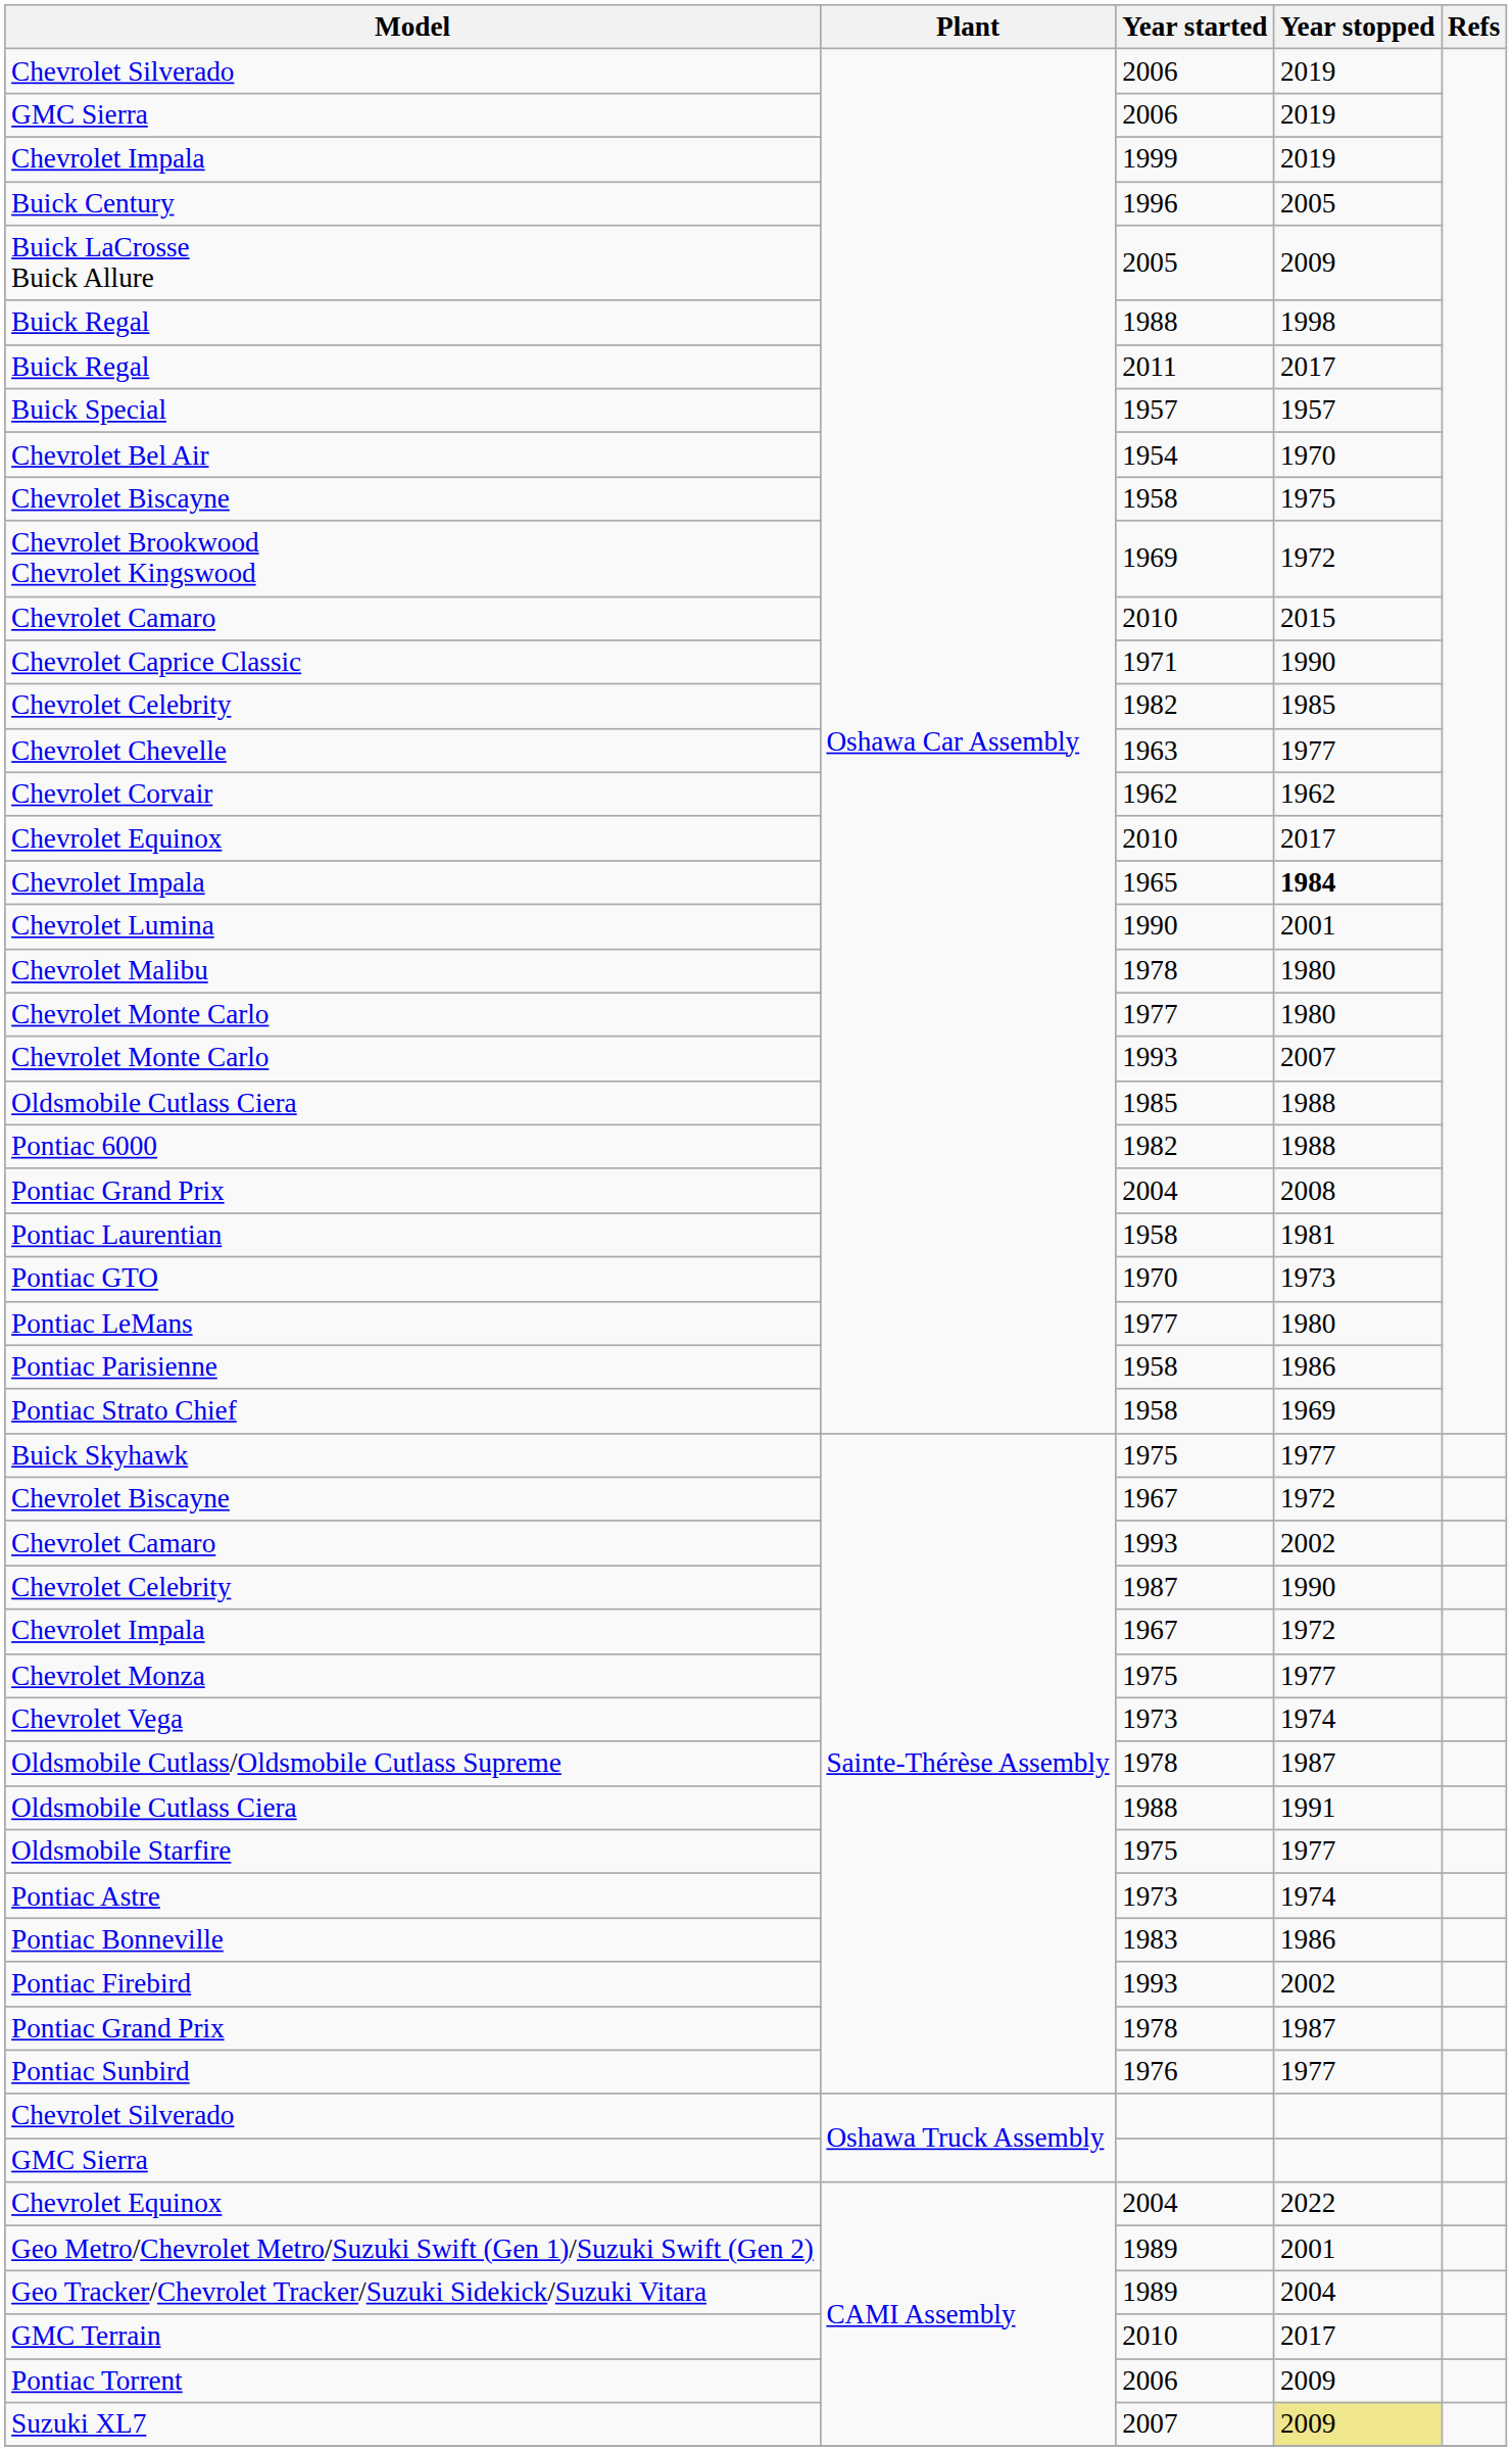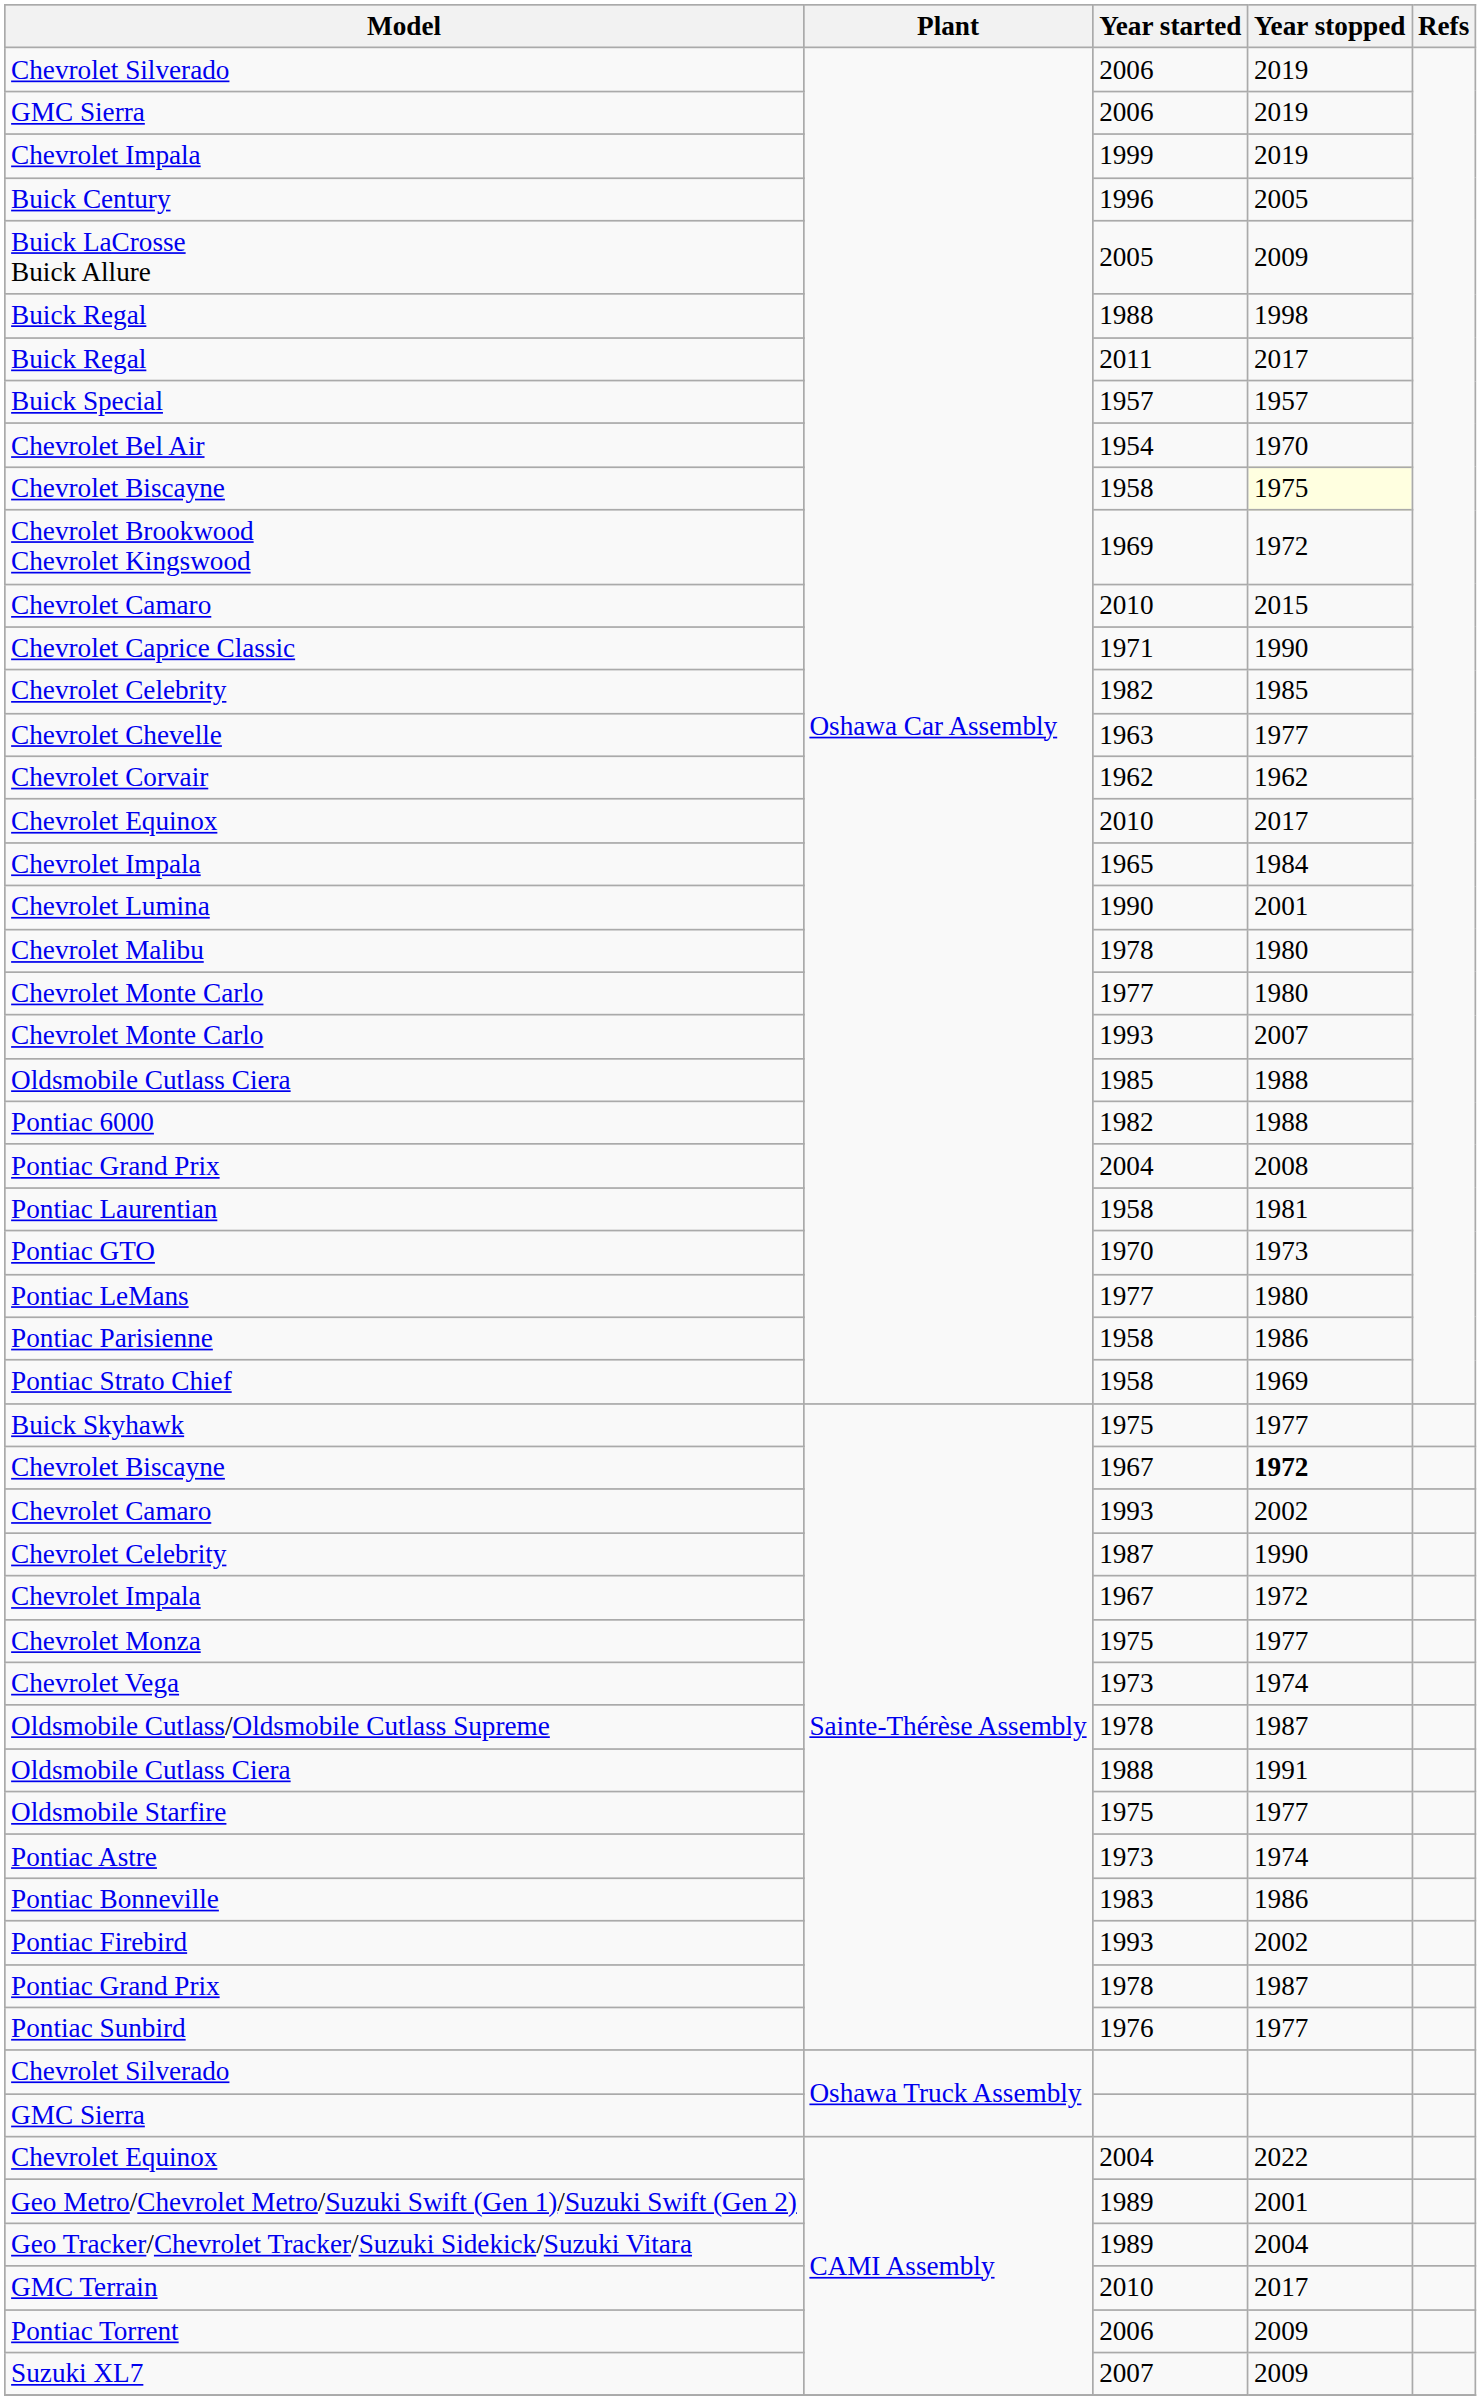 <table class="wikitable sortable">
 <tr>
 <th>Model</th>
 <th>Plant</th>
 <th>Year started</th>
 <th>Year stopped</th>
 <th>Refs</th>
 </tr>
 <tr>
 <td><a href='#'>Chevrolet Silverado</a></td>
 <td rowspan="30"><a href='#'>Oshawa Car Assembly</a></td>
 <td>2006</td>
 <td>2019</td>
 <td rowspan="30"></td>
 </tr>
 <tr>
 <td><a href='#'>GMC Sierra</a></td>
 <td>2006</td>
 <td>2019</td>
 </tr>
 <tr>
 <td><a href='#'>Chevrolet Impala</a></td>
 <td>1999</td>
 <td>2019</td>
 </tr>
 <tr>
 <td><a href='#'>Buick Century</a></td>
 <td>1996</td>
 <td>2005</td>
 </tr>
 <tr>
 <td><a href='#'>Buick LaCrosse</a><br>Buick Allure</td>
 <td>2005</td>
 <td>2009</td>
 </tr>
 <tr>
 <td><a href='#'>Buick Regal</a></td>
 <td>1988</td>
 <td>1998</td>
 </tr>
 <tr>
 <td><a href='#'>Buick Regal</a></td>
 <td>2011</td>
 <td>2017</td>
 </tr>
 <tr>
 <td><a href='#'>Buick Special</a></td>
 <td>1957</td>
 <td>1957</td>
 </tr>
 <tr>
 <td><a href='#'>Chevrolet Bel Air</a></td>
 <td>1954</td>
 <td>1970</td>
 </tr>
 <tr>
 <td><a href='#'>Chevrolet Biscayne</a></td>
 <td>1958</td>
-<td>1975</td>
+<td style="background: lightyellow;">1975</td>
 </tr>
 <tr>
 <td><a href='#'>Chevrolet Brookwood</a><br><a href='#'>Chevrolet Kingswood</a></td>
 <td>1969</td>
 <td>1972</td>
 </tr>
 <tr>
 <td><a href='#'>Chevrolet Camaro</a></td>
 <td>2010</td>
 <td>2015</td>
 </tr>
 <tr>
 <td><a href='#'>Chevrolet Caprice Classic</a></td>
 <td>1971</td>
 <td>1990</td>
 </tr>
 <tr>
 <td><a href='#'>Chevrolet Celebrity</a></td>
 <td>1982</td>
 <td>1985</td>
 </tr>
 <tr>
 <td><a href='#'>Chevrolet Chevelle</a></td>
 <td>1963</td>
 <td>1977</td>
 </tr>
 <tr>
 <td><a href='#'>Chevrolet Corvair</a></td>
 <td>1962</td>
 <td>1962</td>
 </tr>
 <tr>
 <td><a href='#'>Chevrolet Equinox</a></td>
 <td>2010</td>
 <td>2017</td>
 </tr>
 <tr>
 <td><a href='#'>Chevrolet Impala</a></td>
 <td>1965</td>
-<td><strong>1984</strong></td>
+<td>1984</td>
 </tr>
 <tr>
 <td><a href='#'>Chevrolet Lumina</a></td>
 <td>1990</td>
 <td>2001</td>
 </tr>
 <tr>
 <td><a href='#'>Chevrolet Malibu</a></td>
 <td>1978</td>
 <td>1980</td>
 </tr>
 <tr>
 <td><a href='#'>Chevrolet Monte Carlo</a></td>
 <td>1977</td>
 <td>1980</td>
 </tr>
 <tr>
 <td><a href='#'>Chevrolet Monte Carlo</a></td>
 <td>1993</td>
 <td>2007</td>
 </tr>
 <tr>
 <td><a href='#'>Oldsmobile Cutlass Ciera</a></td>
 <td>1985</td>
 <td>1988</td>
 </tr>
 <tr>
 <td><a href='#'>Pontiac 6000</a></td>
 <td>1982</td>
 <td>1988</td>
 </tr>
 <tr>
 <td><a href='#'>Pontiac Grand Prix</a></td>
 <td>2004</td>
 <td>2008</td>
 </tr>
 <tr>
 <td><a href='#'>Pontiac Laurentian</a></td>
 <td>1958</td>
 <td>1981</td>
 </tr>
 <tr>
 <td><a href='#'>Pontiac GTO</a></td>
 <td>1970</td>
 <td>1973</td>
 </tr>
 <tr>
 <td><a href='#'>Pontiac LeMans</a></td>
 <td>1977</td>
 <td>1980</td>
 </tr>
 <tr>
 <td><a href='#'>Pontiac Parisienne</a></td>
 <td>1958</td>
 <td>1986</td>
 </tr>
 <tr>
 <td><a href='#'>Pontiac Strato Chief</a></td>
 <td>1958</td>
 <td>1969</td>
 </tr>
 <tr>
 <td><a href='#'>Buick Skyhawk</a></td>
 <td rowspan="15"><a href='#'>Sainte-Thérèse Assembly</a></td>
 <td>1975</td>
 <td>1977</td>
 <td></td>
 </tr>
 <tr>
 <td><a href='#'>Chevrolet Biscayne</a></td>
 <td>1967</td>
-<td>1972</td>
+<td><strong>1972</strong></td>
 <td></td>
 </tr>
 <tr>
 <td><a href='#'>Chevrolet Camaro</a></td>
 <td>1993</td>
 <td>2002</td>
 <td></td>
 </tr>
 <tr>
 <td><a href='#'>Chevrolet Celebrity</a></td>
 <td>1987</td>
 <td>1990</td>
 <td></td>
 </tr>
 <tr>
 <td><a href='#'>Chevrolet Impala</a></td>
 <td>1967</td>
 <td>1972</td>
 <td></td>
 </tr>
 <tr>
 <td><a href='#'>Chevrolet Monza</a></td>
 <td>1975</td>
 <td>1977</td>
 <td></td>
 </tr>
 <tr>
 <td><a href='#'>Chevrolet Vega</a></td>
 <td>1973</td>
 <td>1974</td>
 <td></td>
 </tr>
 <tr>
 <td><a href='#'>Oldsmobile Cutlass</a>/<a href='#'>Oldsmobile Cutlass Supreme</a></td>
 <td>1978</td>
 <td>1987</td>
 <td></td>
 </tr>
 <tr>
 <td><a href='#'>Oldsmobile Cutlass Ciera</a></td>
 <td>1988</td>
 <td>1991</td>
 <td></td>
 </tr>
 <tr>
 <td><a href='#'>Oldsmobile Starfire</a></td>
 <td>1975</td>
 <td>1977</td>
 <td></td>
 </tr>
 <tr>
 <td><a href='#'>Pontiac Astre</a></td>
 <td>1973</td>
 <td>1974</td>
 <td></td>
 </tr>
 <tr>
 <td><a href='#'>Pontiac Bonneville</a></td>
 <td>1983</td>
 <td>1986</td>
 <td></td>
 </tr>
 <tr>
 <td><a href='#'>Pontiac Firebird</a></td>
 <td>1993</td>
 <td>2002</td>
 <td></td>
 </tr>
 <tr>
 <td><a href='#'>Pontiac Grand Prix</a></td>
 <td>1978</td>
 <td>1987</td>
 <td></td>
 </tr>
 <tr>
 <td><a href='#'>Pontiac Sunbird</a></td>
 <td>1976</td>
 <td>1977</td>
 <td></td>
 </tr>
 <tr>
 <td><a href='#'>Chevrolet Silverado</a></td>
 <td rowspan="2"><a href='#'>Oshawa Truck Assembly</a></td>
 <td></td>
 <td></td>
 <td></td>
 </tr>
 <tr>
 <td><a href='#'>GMC Sierra</a></td>
 <td></td>
 <td></td>
 <td></td>
 </tr>
 <tr>
 <td><a href='#'>Chevrolet Equinox</a></td>
 <td rowspan="6"><a href='#'>CAMI Assembly</a></td>
 <td>2004</td>
 <td>2022</td>
 <td></td>
 </tr>
 <tr>
 <td><a href='#'>Geo Metro</a>/<a href='#'>Chevrolet Metro</a>/<a href='#'>Suzuki Swift (Gen 1)</a>/<a href='#'>Suzuki Swift (Gen 2)</a></td>
 <td>1989</td>
 <td>2001</td>
 <td></td>
 </tr>
 <tr>
 <td><a href='#'>Geo Tracker</a>/<a href='#'>Chevrolet Tracker</a>/<a href='#'>Suzuki Sidekick</a>/<a href='#'>Suzuki Vitara</a></td>
 <td>1989</td>
 <td>2004</td>
 <td></td>
 </tr>
 <tr>
 <td><a href='#'>GMC Terrain</a></td>
 <td>2010</td>
 <td>2017</td>
 <td></td>
 </tr>
 <tr>
 <td><a href='#'>Pontiac Torrent</a></td>
 <td>2006</td>
 <td>2009</td>
 <td></td>
 </tr>
 <tr>
 <td><a href='#'>Suzuki XL7</a></td>
 <td>2007</td>
-<td style="background: khaki;">2009</td>
+<td>2009</td>
 <td></td>
 </tr>
 <tr>
 </tr>
 </table>
